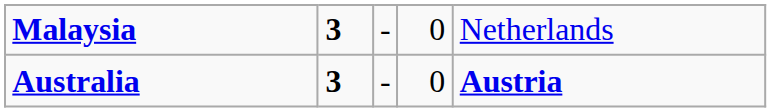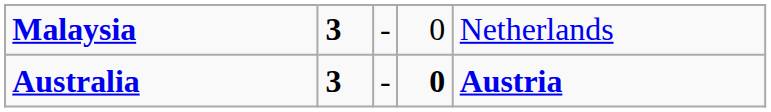 <table class="wikitable">
 <tr>
 <td width=150> <strong><a href='#'>Malaysia</a></strong></td>
 <td style="width:20px; text-align:left;"><strong>3</strong></td>
 <td>-</td>
 <td style="width:20px; text-align:right;">0</td>
 <td width=150> <a href='#'>Netherlands</a></td>
 </tr>
 <tr>
 <td> <strong><a href='#'>Australia</a></strong></td>
 <td style="text-align:left;"><strong>3</strong></td>
 <td>-</td>
-<td style="text-align:right;">0</td>
+<td style="text-align:right;"><strong>0</strong></td>
 <td><strong> <a href='#'>Austria</a></strong></td>
 </tr>
 </table>
